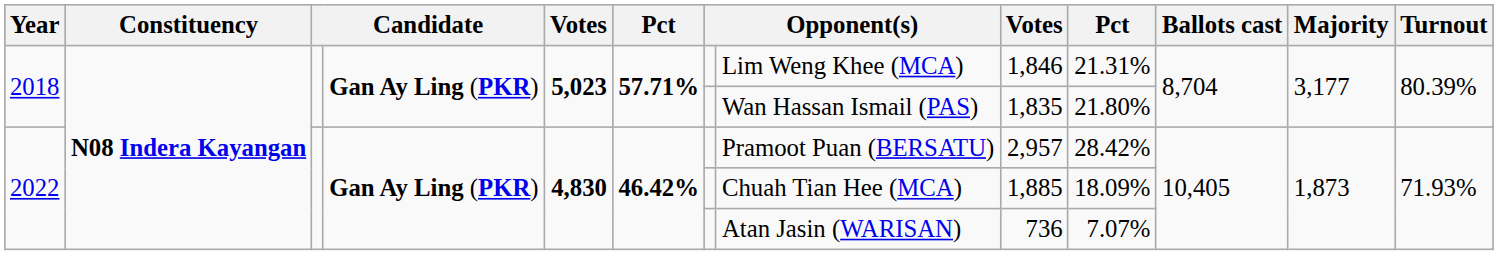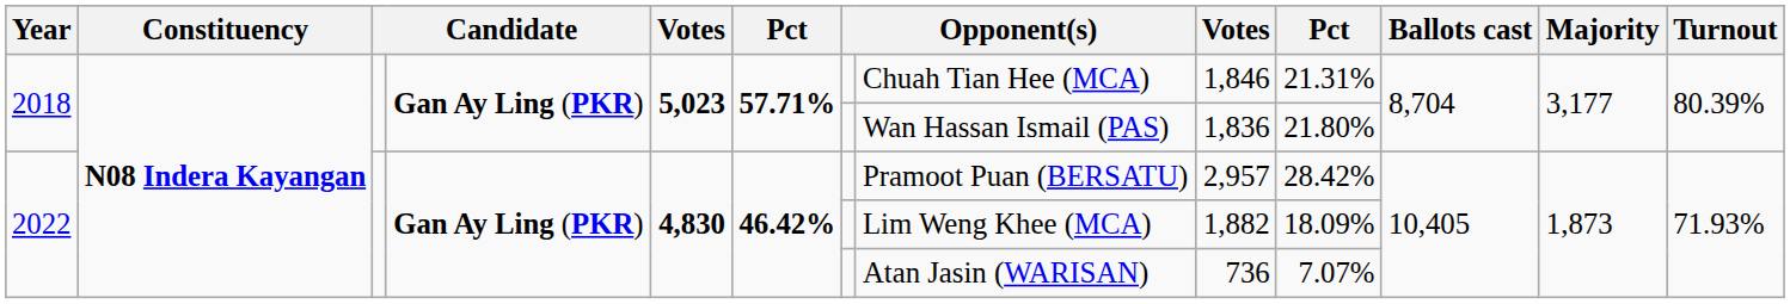 <table class="wikitable" style="margin:0.5em ; font-size:95%">
 <tr>
 <th>Year</th>
 <th>Constituency</th>
 <th colspan="2">Candidate</th>
 <th>Votes</th>
 <th>Pct</th>
 <th colspan="2">Opponent(s)</th>
 <th>Votes</th>
 <th>Pct</th>
 <th>Ballots cast</th>
 <th>Majority</th>
 <th>Turnout</th>
 </tr>
 <tr>
 <td rowspan="2"><a href='#'>2018</a></td>
 <td rowspan="5"><strong>N08 <a href='#'>Indera Kayangan</a></strong></td>
 <td rowspan="2" ></td>
 <td rowspan="2"><strong>Gan Ay Ling</strong> (<a href='#'><strong>PKR</strong></a>)</td>
 <td rowspan="2" align="right"><strong>5,023</strong></td>
 <td rowspan="2" align="right"><strong>57.71%</strong></td>
 <td></td>
-<td>Lim Weng Khee (<a href='#'>MCA</a>)</td>
+<td>Chuah Tian Hee (<a href='#'>MCA</a>)</td>
 <td align="right">1,846</td>
 <td align="right">21.31%</td>
 <td rowspan="2">8,704</td>
 <td rowspan="2">3,177</td>
 <td rowspan="2">80.39%</td>
 </tr>
 <tr>
 <td></td>
 <td>Wan Hassan Ismail (<a href='#'>PAS</a>)</td>
-<td align="right">1,835</td>
+<td align="right">1,836</td>
 <td align="right">21.80%</td>
 </tr>
 <tr>
 <td rowspan="3"><a href='#'>2022</a></td>
 <td rowspan="3" ></td>
 <td rowspan="3"><strong>Gan Ay Ling</strong> (<a href='#'><strong>PKR</strong></a>)</td>
 <td rowspan="3" align="right"><strong>4,830</strong></td>
 <td rowspan="3" align="right"><strong>46.42%</strong></td>
 <td bgcolor=></td>
 <td>Pramoot Puan (<a href='#'>BERSATU</a>)</td>
 <td align="right">2,957</td>
 <td align="right">28.42%</td>
 <td rowspan="3">10,405</td>
 <td rowspan="3">1,873</td>
 <td rowspan="3">71.93%</td>
 </tr>
 <tr>
 <td></td>
-<td>Chuah Tian Hee (<a href='#'>MCA</a>)</td>
-<td align="right">1,885</td>
+<td>Lim Weng Khee (<a href='#'>MCA</a>)</td>
+<td align="right">1,882</td>
 <td align="right">18.09%</td>
 </tr>
 <tr>
 <td></td>
 <td>Atan Jasin (<a href='#'>WARISAN</a>)</td>
 <td align="right">736</td>
 <td align="right">7.07%</td>
 </tr>
 </table>
